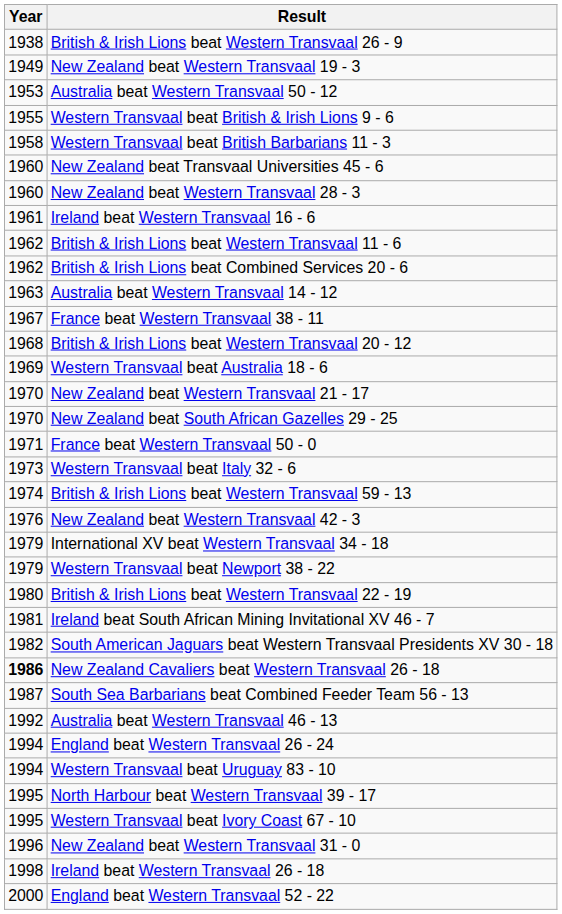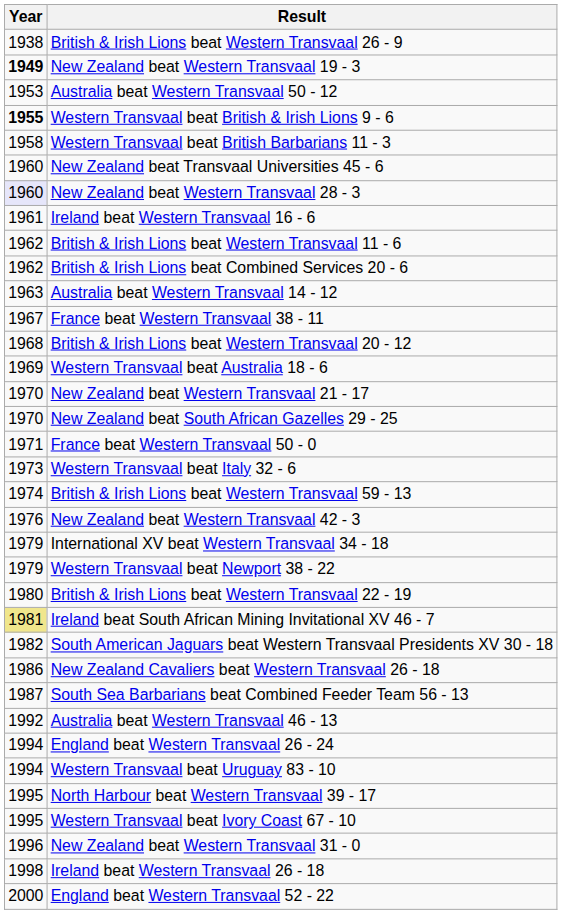 <table class=wikitable>
 <tr>
 <th>Year</th>
 <th>Result</th>
 </tr>
 <tr>
 <td>1938</td>
 <td><a href='#'>British & Irish Lions</a> beat <a href='#'>Western Transvaal</a> 26  -  9</td>
 </tr>
 <tr>
-<td>1949</td>
+<td><strong>1949</strong></td>
 <td><a href='#'>New Zealand</a> beat <a href='#'>Western Transvaal</a> 19  -  3</td>
 </tr>
 <tr>
 <td>1953</td>
 <td><a href='#'>Australia</a> beat <a href='#'>Western Transvaal</a> 50  -  12</td>
 </tr>
 <tr>
-<td>1955</td>
+<td><strong>1955</strong></td>
 <td><a href='#'>Western Transvaal</a> beat <a href='#'>British & Irish Lions</a> 9  -  6</td>
 </tr>
 <tr>
 <td>1958</td>
 <td><a href='#'>Western Transvaal</a> beat <a href='#'>British Barbarians</a> 11  -  3</td>
 </tr>
 <tr>
 <td>1960</td>
 <td><a href='#'>New Zealand</a> beat Transvaal Universities 45  -  6</td>
 </tr>
 <tr>
-<td>1960</td>
+<td style="background: lavender;">1960</td>
 <td><a href='#'>New Zealand</a> beat <a href='#'>Western Transvaal</a> 28  -  3</td>
 </tr>
 <tr>
 <td>1961</td>
 <td><a href='#'>Ireland</a> beat <a href='#'>Western Transvaal</a> 16  -  6</td>
 </tr>
 <tr>
 <td>1962</td>
 <td><a href='#'>British & Irish Lions</a> beat <a href='#'>Western Transvaal</a> 11  -  6</td>
 </tr>
 <tr>
 <td>1962</td>
 <td><a href='#'>British & Irish Lions</a> beat Combined Services 20  -  6</td>
 </tr>
 <tr>
 <td>1963</td>
 <td><a href='#'>Australia</a> beat <a href='#'>Western Transvaal</a> 14  -  12</td>
 </tr>
 <tr>
 <td>1967</td>
 <td><a href='#'>France</a> beat <a href='#'>Western Transvaal</a> 38  -  11</td>
 </tr>
 <tr>
 <td>1968</td>
 <td><a href='#'>British & Irish Lions</a> beat <a href='#'>Western Transvaal</a> 20  - 12</td>
 </tr>
 <tr>
 <td>1969</td>
 <td><a href='#'>Western Transvaal</a> beat <a href='#'>Australia</a> 18  -  6</td>
 </tr>
 <tr>
 <td>1970</td>
 <td><a href='#'>New Zealand</a> beat <a href='#'>Western Transvaal</a> 21  -  17</td>
 </tr>
 <tr>
 <td>1970</td>
 <td><a href='#'>New Zealand</a> beat <a href='#'>South African Gazelles</a> 29  -  25</td>
 </tr>
 <tr>
 <td>1971</td>
 <td><a href='#'>France</a> beat <a href='#'>Western Transvaal</a> 50  -  0</td>
 </tr>
 <tr>
 <td>1973</td>
 <td><a href='#'>Western Transvaal</a> beat <a href='#'>Italy</a> 32  -  6</td>
 </tr>
 <tr>
 <td>1974</td>
 <td><a href='#'>British & Irish Lions</a> beat <a href='#'>Western Transvaal</a> 59  -  13</td>
 </tr>
 <tr>
 <td>1976</td>
 <td><a href='#'>New Zealand</a> beat <a href='#'>Western Transvaal</a> 42  -  3</td>
 </tr>
 <tr>
 <td>1979</td>
 <td>International XV beat <a href='#'>Western Transvaal</a> 34  -  18</td>
 </tr>
 <tr>
 <td>1979</td>
 <td><a href='#'>Western Transvaal</a> beat <a href='#'>Newport</a> 38  -  22</td>
 </tr>
 <tr>
 <td>1980</td>
 <td><a href='#'>British & Irish Lions</a> beat <a href='#'>Western Transvaal</a> 22  -  19</td>
 </tr>
 <tr>
-<td>1981</td>
+<td style="background: khaki;">1981</td>
 <td><a href='#'>Ireland</a> beat South African Mining Invitational XV 46  -  7</td>
 </tr>
 <tr>
 <td>1982</td>
 <td><a href='#'>South American Jaguars</a> beat Western Transvaal Presidents XV 30  -  18</td>
 </tr>
 <tr>
-<td><strong>1986</strong></td>
+<td>1986</td>
 <td><a href='#'>New Zealand Cavaliers</a> beat <a href='#'>Western Transvaal</a> 26  -  18</td>
 </tr>
 <tr>
 <td>1987</td>
 <td><a href='#'>South Sea Barbarians</a> beat Combined Feeder Team 56  -  13</td>
 </tr>
 <tr>
 <td>1992</td>
 <td><a href='#'>Australia</a> beat <a href='#'>Western Transvaal</a> 46  -  13</td>
 </tr>
 <tr>
 <td>1994</td>
 <td><a href='#'>England</a> beat <a href='#'>Western Transvaal</a> 26  -  24</td>
 </tr>
 <tr>
 <td>1994</td>
 <td><a href='#'>Western Transvaal</a> beat <a href='#'>Uruguay</a> 83  -  10</td>
 </tr>
 <tr>
 <td>1995</td>
 <td><a href='#'>North Harbour</a> beat <a href='#'>Western Transvaal</a> 39  -  17</td>
 </tr>
 <tr>
 <td>1995</td>
 <td><a href='#'>Western Transvaal</a> beat <a href='#'>Ivory Coast</a> 67  -  10</td>
 </tr>
 <tr>
 <td>1996</td>
 <td><a href='#'>New Zealand</a> beat <a href='#'>Western Transvaal</a> 31  -  0</td>
 </tr>
 <tr>
 <td>1998</td>
 <td><a href='#'>Ireland</a> beat <a href='#'>Western Transvaal</a> 26  -  18</td>
 </tr>
 <tr>
 <td>2000</td>
 <td><a href='#'>England</a> beat <a href='#'>Western Transvaal</a> 52  -  22</td>
 </tr>
 </table>
